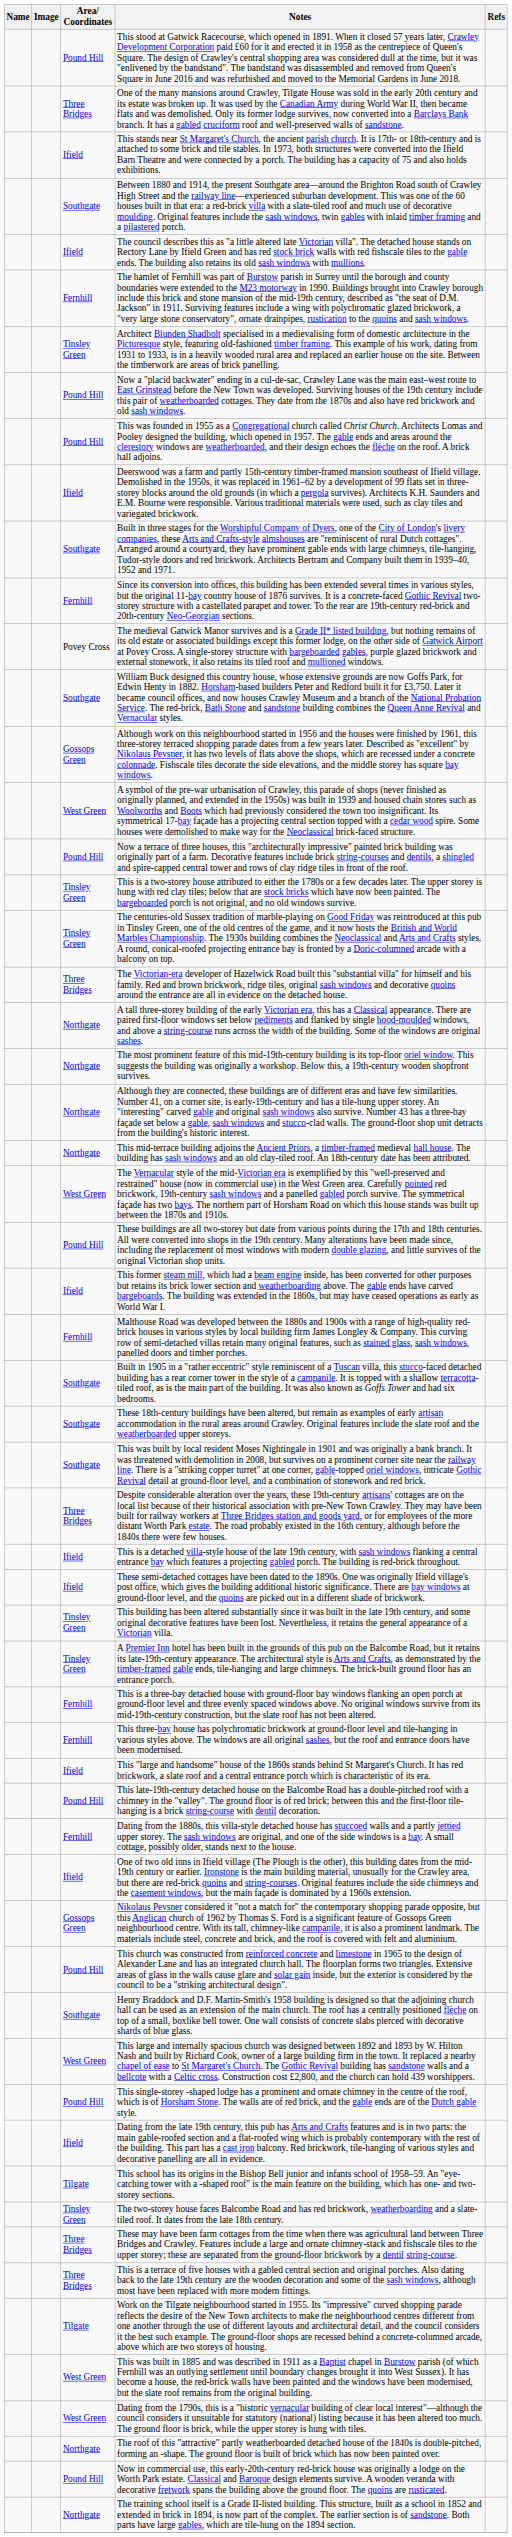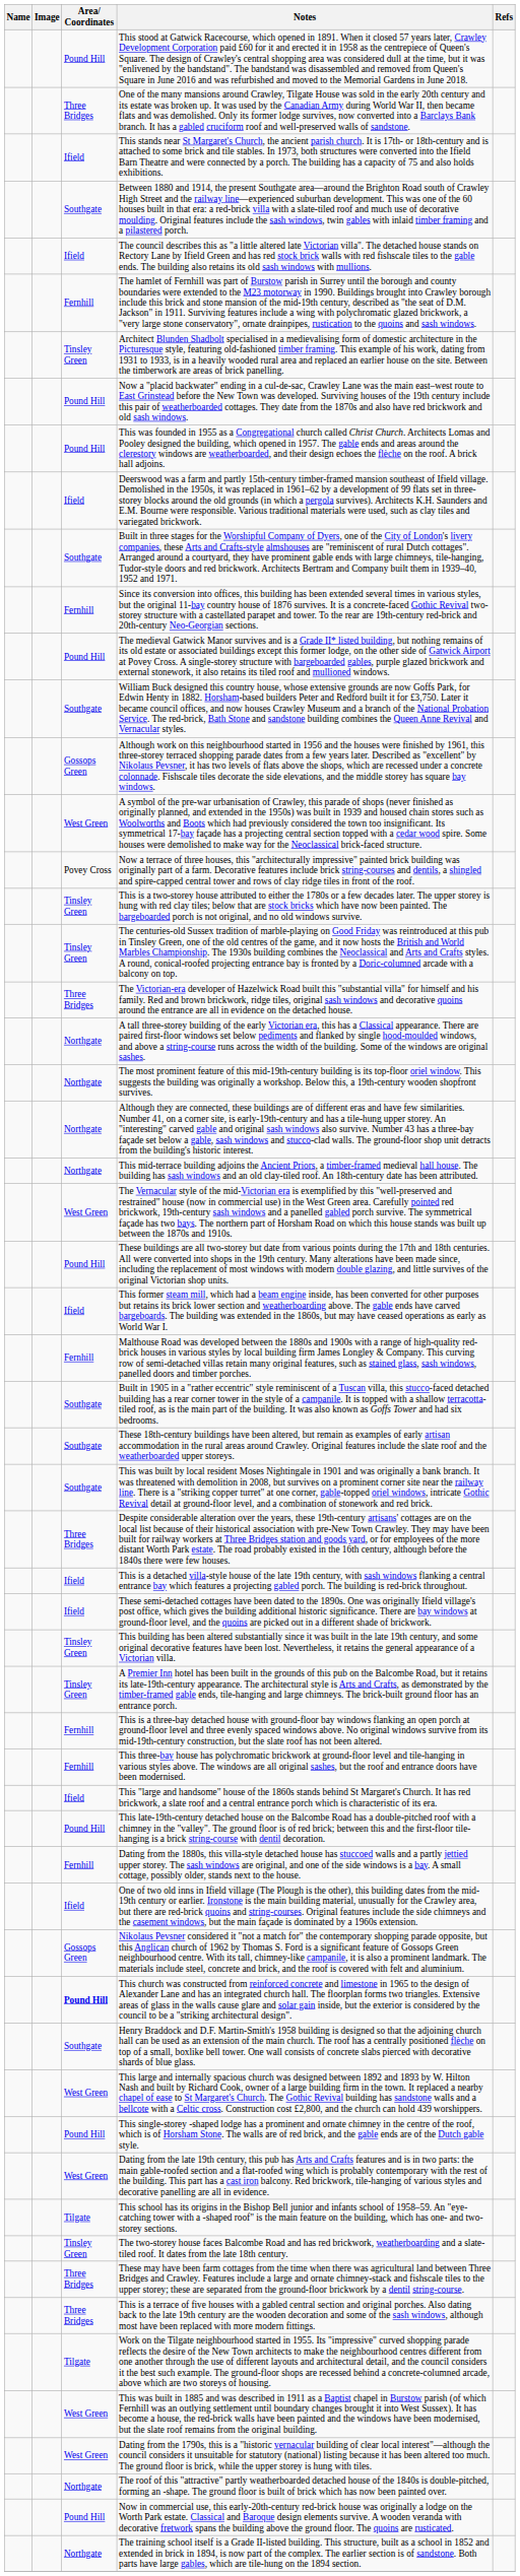 <table class="wikitable sortable">
 <tr>
 <th align="center">Name</th>
 <th align="center" class="unsortable">Image</th>
 <th align="center">Area/<br>Coordinates</th>
 <th align="center" class="unsortable">Notes</th>
 <th align="center" class="unsortable">Refs</th>
 </tr>
 <tr>
 <td></td>
 <td></td>
 <td><a href='#'>Pound Hill</a><br></td>
 <td>This stood at Gatwick Racecourse, which opened in 1891.  When it closed 57 years later, <a href='#'>Crawley Development Corporation</a> paid £60 for it and erected it in 1958 as the centrepiece of Queen's Square.  The design of Crawley's central shopping area was considered dull at the time, but it was "enlivened by the bandstand". The bandstand was disassembled and removed from Queen's Square in June 2016 and was refurbished and moved to the Memorial Gardens in June 2018.</td>
 <td><br><br></td>
 </tr>
 <tr>
 <td></td>
 <td></td>
 <td><a href='#'>Three Bridges</a><br></td>
 <td>One of the many mansions around Crawley, Tilgate House was sold in the early 20th century and its estate was broken up.  It was used by the <a href='#'>Canadian Army</a> during World War II, then became flats and was demolished.  Only its former lodge survives, now converted into a <a href='#'>Barclays Bank</a> branch.  It has a <a href='#'>gabled</a> <a href='#'>cruciform</a> roof and well-preserved walls of <a href='#'>sandstone</a>.</td>
 <td><br></td>
 </tr>
 <tr>
 <td></td>
 <td></td>
 <td><a href='#'>Ifield</a><br></td>
 <td>This stands near <a href='#'>St Margaret's Church</a>, the ancient <a href='#'>parish church</a>.  It is 17th- or 18th-century and is attached to some brick and tile stables.  In 1973, both structures were converted into the Ifield Barn Theatre and were connected by a porch.  The building has a capacity of 75 and also holds exhibitions.</td>
 <td></td>
 </tr>
 <tr>
 <td></td>
 <td></td>
 <td><a href='#'>Southgate</a><br></td>
 <td>Between 1880 and 1914, the present Southgate area—around the Brighton Road south of Crawley High Street and the <a href='#'>railway line</a>—experienced suburban development.  This was one of the 60 houses built in that era: a red-brick <a href='#'>villa</a> with a slate-tiled roof and much use of decorative <a href='#'>moulding</a>.  Original features include the <a href='#'>sash windows</a>, twin <a href='#'>gables</a> with inlaid <a href='#'>timber framing</a> and a <a href='#'>pilastered</a> porch.</td>
 <td></td>
 </tr>
 <tr>
 <td></td>
 <td></td>
 <td><a href='#'>Ifield</a><br></td>
 <td>The council describes this as "a little altered late <a href='#'>Victorian</a> villa".  The detached house stands on Rectory Lane by Ifield Green and has red <a href='#'>stock brick</a> walls with red fishscale tiles to the <a href='#'>gable</a> ends.  The building also retains its old <a href='#'>sash windows</a> with <a href='#'>mullions</a>.</td>
 <td></td>
 </tr>
 <tr>
 <td></td>
 <td></td>
 <td><a href='#'>Fernhill</a><br></td>
 <td>The hamlet of Fernhill was part of <a href='#'>Burstow</a> parish in Surrey until the borough and county boundaries were extended to the <a href='#'>M23 motorway</a> in 1990.  Buildings brought into Crawley borough include this brick and stone mansion of the mid-19th century, described as "the seat of D.M. Jackson" in 1911.  Surviving features include a wing with polychromatic glazed brickwork, a "very large stone conservatory", ornate drainpipes, <a href='#'>rustication</a> to the <a href='#'>quoins</a> and <a href='#'>sash windows</a>.</td>
 <td><br></td>
 </tr>
 <tr>
 <td></td>
 <td></td>
 <td><a href='#'>Tinsley Green</a><br></td>
 <td>Architect <a href='#'>Blunden Shadbolt</a> specialised in a medievalising form of domestic architecture in the <a href='#'>Picturesque</a> style, featuring old-fashioned <a href='#'>timber framing</a>.  This example of his work, dating from 1931 to 1933, is in a heavily wooded rural area and replaced an earlier house on the site.  Between the timberwork are areas of brick panelling.</td>
 <td></td>
 </tr>
 <tr>
 <td></td>
 <td></td>
 <td><a href='#'>Pound Hill</a><br></td>
 <td>Now a "placid backwater" ending in a cul-de-sac, Crawley Lane was the main east–west route to <a href='#'>East Grinstead</a> before the New Town was developed.  Surviving houses of the 19th century include this pair of <a href='#'>weatherboarded</a> cottages.  They date from the 1870s and also have red brickwork and old <a href='#'>sash windows</a>.</td>
 <td></td>
 </tr>
 <tr>
 <td></td>
 <td></td>
 <td><a href='#'>Pound Hill</a><br></td>
 <td>This was founded in 1955 as a <a href='#'>Congregational</a> church called <em>Christ Church</em>.  Architects Lomas and Pooley designed the building, which opened in 1957.  The <a href='#'>gable</a> ends and areas around the <a href='#'>clerestory</a> windows are <a href='#'>weatherboarded</a>, and their design echoes the <a href='#'>flèche</a> on the roof.  A brick hall adjoins.</td>
 <td></td>
 </tr>
 <tr>
 <td></td>
 <td></td>
 <td><a href='#'>Ifield</a><br></td>
 <td>Deerswood was a farm and partly 15th-century timber-framed mansion southeast of Ifield village.  Demolished in the 1950s, it was replaced in 1961–62 by a development of 99 flats set in three-storey blocks around the old grounds (in which a <a href='#'>pergola</a> survives).  Architects K.H. Saunders and E.M. Bourne were responsible.  Various traditional materials were used, such as clay tiles and variegated brickwork.</td>
 <td><br><br></td>
 </tr>
 <tr>
 <td></td>
 <td></td>
 <td><a href='#'>Southgate</a><br></td>
 <td>Built in three stages for the <a href='#'>Worshipful Company of Dyers</a>, one of the <a href='#'>City of London</a>'s <a href='#'>livery companies</a>, these <a href='#'>Arts and Crafts-style</a> <a href='#'>almshouses</a> are "reminiscent of rural Dutch cottages".  Arranged around a courtyard, they have prominent gable ends with large chimneys, tile-hanging, Tudor-style doors and red brickwork.  Architects Bertram and Company built them in 1939–40, 1952 and 1971.</td>
 <td></td>
 </tr>
 <tr>
 <td></td>
 <td></td>
 <td><a href='#'>Fernhill</a><br></td>
 <td>Since its conversion into offices, this building has been extended several times in various styles, but the original 11-<a href='#'>bay</a> country house of 1876 survives.  It is a concrete-faced <a href='#'>Gothic Revival</a> two-storey structure with a castellated parapet and tower.  To the rear are 19th-century red-brick and 20th-century <a href='#'>Neo-Georgian</a> sections.</td>
 <td></td>
 </tr>
 <tr>
 <td></td>
 <td></td>
-<td>Povey Cross<br></td>
+<td><a href='#'>Pound Hill</a><br></td>
 <td>The medieval Gatwick Manor survives and is a <a href='#'>Grade II* listed building</a>, but nothing remains of its old estate or associated buildings except this former lodge, on the other side of <a href='#'>Gatwick Airport</a> at Povey Cross.  A single-storey structure with <a href='#'>bargeboarded</a> <a href='#'>gables</a>, purple glazed brickwork and external stonework, it also retains its tiled roof and <a href='#'>mullioned</a> windows.</td>
 <td><br></td>
 </tr>
 <tr>
 <td></td>
 <td></td>
 <td><a href='#'>Southgate</a><br></td>
 <td>William Buck designed this country house, whose extensive grounds are now Goffs Park, for Edwin Henty in 1882.  <a href='#'>Horsham</a>-based builders Peter and Redford built it for £3,750.  Later it became council offices, and now houses Crawley Museum and a branch of the <a href='#'>National Probation Service</a>.  The red-brick, <a href='#'>Bath Stone</a> and <a href='#'>sandstone</a> building combines the <a href='#'>Queen Anne Revival</a> and <a href='#'>Vernacular</a> styles.</td>
 <td><br></td>
 </tr>
 <tr>
 <td></td>
 <td></td>
 <td><a href='#'>Gossops Green</a><br></td>
 <td>Although work on this neighbourhood started in 1956 and the houses were finished by 1961, this three-storey terraced shopping parade dates from a few years later.  Described as "excellent" by <a href='#'>Nikolaus Pevsner</a>, it has two levels of flats above the shops, which are recessed under a concrete <a href='#'>colonnade</a>.  Fishscale tiles decorate the side elevations, and the middle storey has square <a href='#'>bay windows</a>.</td>
 <td><br></td>
 </tr>
 <tr>
 <td></td>
 <td></td>
 <td><a href='#'>West Green</a><br></td>
 <td>A symbol of the pre-war urbanisation of Crawley, this parade of shops (never finished as originally planned, and extended in the 1950s) was built in 1939 and housed chain stores such as <a href='#'>Woolworths</a> and <a href='#'>Boots</a> which had previously considered the town too insignificant.  Its symmetrical 17-<a href='#'>bay</a> façade has a projecting central section topped with a <a href='#'>cedar wood</a> spire.  Some houses were demolished to make way for the <a href='#'>Neoclassical</a> brick-faced structure.</td>
 <td><br></td>
 </tr>
 <tr>
 <td></td>
 <td></td>
-<td><a href='#'>Pound Hill</a><br></td>
+<td>Povey Cross<br></td>
 <td>Now a terrace of three houses, this "architecturally impressive" painted brick building was originally part of a farm.  Decorative features include brick <a href='#'>string-courses</a> and <a href='#'>dentils</a>, a <a href='#'>shingled</a> and spire-capped central tower and rows of clay ridge tiles in front of the roof.</td>
 <td></td>
 </tr>
 <tr>
 <td></td>
 <td></td>
 <td><a href='#'>Tinsley Green</a><br></td>
 <td>This is a two-storey house attributed to either the 1780s or a few decades later.  The upper storey is hung with red clay tiles; below that are <a href='#'>stock bricks</a> which have now been painted.  The <a href='#'>bargeboarded</a> porch is not original, and no old windows survive.</td>
 <td></td>
 </tr>
 <tr>
 <td></td>
 <td></td>
 <td><a href='#'>Tinsley Green</a><br></td>
 <td>The centuries-old Sussex tradition of marble-playing on <a href='#'>Good Friday</a> was reintroduced at this pub in Tinsley Green, one of the old centres of the game, and it now hosts the <a href='#'>British and World Marbles Championship</a>.  The 1930s building combines the <a href='#'>Neoclassical</a> and <a href='#'>Arts and Crafts</a> styles.  A round, conical-roofed projecting entrance bay is fronted by a <a href='#'>Doric-columned</a> arcade with a balcony on top.</td>
 <td><br></td>
 </tr>
 <tr>
 <td></td>
 <td></td>
 <td><a href='#'>Three Bridges</a><br></td>
 <td>The <a href='#'>Victorian-era</a> developer of Hazelwick Road built this "substantial villa" for himself and his family.  Red and brown brickwork, ridge tiles, original <a href='#'>sash windows</a> and decorative <a href='#'>quoins</a> around the entrance are all in evidence on the detached house.</td>
 <td></td>
 </tr>
 <tr>
 <td></td>
 <td></td>
 <td><a href='#'>Northgate</a><br></td>
 <td>A tall three-storey building of the early <a href='#'>Victorian era</a>, this has a <a href='#'>Classical</a> appearance.  There are paired first-floor windows set below <a href='#'>pediments</a> and flanked by single <a href='#'>hood-moulded</a> windows, and above a <a href='#'>string-course</a> runs across the width of the building.  Some of the windows are original <a href='#'>sashes</a>.</td>
 <td></td>
 </tr>
 <tr>
 <td></td>
 <td></td>
 <td><a href='#'>Northgate</a><br></td>
 <td>The most prominent feature of this mid-19th-century building is its top-floor <a href='#'>oriel window</a>.  This suggests the building was originally a workshop.  Below this, a 19th-century wooden shopfront survives.</td>
 <td></td>
 </tr>
 <tr>
 <td></td>
 <td></td>
 <td><a href='#'>Northgate</a><br></td>
 <td>Although they are connected, these buildings are of different eras and have few similarities.  Number 41, on a corner site, is early-19th-century and has a tile-hung upper storey.  An "interesting" carved <a href='#'>gable</a> and original <a href='#'>sash windows</a> also survive.  Number 43 has a three-bay façade set below a <a href='#'>gable</a>, <a href='#'>sash windows</a> and <a href='#'>stucco</a>-clad walls.  The ground-floor shop unit detracts from the building's historic interest.</td>
 <td></td>
 </tr>
 <tr>
 <td></td>
 <td></td>
 <td><a href='#'>Northgate</a><br></td>
 <td>This mid-terrace building adjoins the <a href='#'>Ancient Priors</a>, a <a href='#'>timber-framed</a> medieval <a href='#'>hall house</a>.  The building has <a href='#'>sash windows</a> and an old clay-tiled roof.  An 18th-century date has been attributed.</td>
 <td></td>
 </tr>
 <tr>
 <td></td>
 <td></td>
 <td><a href='#'>West Green</a><br></td>
 <td>The <a href='#'>Vernacular</a> style of the mid-<a href='#'>Victorian era</a> is exemplified by this "well-preserved and restrained" house (now in commercial use) in the West Green area.  Carefully <a href='#'>pointed</a> red brickwork, 19th-century <a href='#'>sash windows</a> and a panelled <a href='#'>gabled</a> porch survive.  The symmetrical façade has two <a href='#'>bays</a>.  The northern part of Horsham Road on which this house stands was built up between the 1870s and 1910s.</td>
 <td></td>
 </tr>
 <tr>
 <td></td>
 <td></td>
 <td><a href='#'>Pound Hill</a><br></td>
 <td>These buildings are all two-storey but date from various points during the 17th and 18th centuries.  All were converted into shops in the 19th century.  Many alterations have been made since, including the replacement of most windows with modern <a href='#'>double glazing</a>, and little survives of the original Victorian shop units.</td>
 <td></td>
 </tr>
 <tr>
 <td></td>
 <td></td>
 <td><a href='#'>Ifield</a><br></td>
 <td>This former <a href='#'>steam mill</a>, which had a <a href='#'>beam engine</a> inside, has been converted for other purposes but retains its brick lower section and <a href='#'>weatherboarding</a> above.  The <a href='#'>gable</a> ends have carved <a href='#'>bargeboards</a>.  The building was extended in the 1860s, but may have ceased operations as early as World War I.</td>
 <td></td>
 </tr>
 <tr>
 <td></td>
 <td></td>
 <td><a href='#'>Fernhill</a><br></td>
 <td>Malthouse Road was developed between the 1880s and 1900s with a range of high-quality red-brick houses in various styles by local building firm James Longley & Company.  This curving row of semi-detached villas retain many original features, such as <a href='#'>stained glass</a>, <a href='#'>sash windows</a>, panelled doors and timber porches.</td>
 <td><br></td>
 </tr>
 <tr>
 <td></td>
 <td></td>
 <td><a href='#'>Southgate</a><br></td>
 <td>Built in 1905 in a "rather eccentric" style reminiscent of a <a href='#'>Tuscan</a> villa, this <a href='#'>stucco</a>-faced detached building has a rear corner tower in the style of a <a href='#'>campanile</a>.  It is topped with a shallow <a href='#'>terracotta</a>-tiled roof, as is the main part of the building.  It was also known as <em>Goffs Tower</em> and had six bedrooms.</td>
 <td></td>
 </tr>
 <tr>
 <td></td>
 <td></td>
 <td><a href='#'>Southgate</a><br></td>
 <td>These 18th-century buildings have been altered, but remain as examples of early <a href='#'>artisan</a> accommodation in the rural areas around Crawley.  Original features include the slate roof and the <a href='#'>weatherboarded</a> upper storeys.</td>
 <td></td>
 </tr>
 <tr>
 <td></td>
 <td></td>
 <td><a href='#'>Southgate</a><br></td>
 <td>This was built by local resident Moses Nightingale in 1901 and was originally a bank branch.  It was threatened with demolition in 2008, but survives on a prominent corner site near the <a href='#'>railway line</a>.  There is a "striking copper turret" at one corner, <a href='#'>gable</a>-topped <a href='#'>oriel windows</a>, intricate <a href='#'>Gothic Revival</a> detail at ground-floor level, and a combination of stonework and red brick.</td>
 <td></td>
 </tr>
 <tr>
 <td></td>
 <td></td>
 <td><a href='#'>Three Bridges</a><br></td>
 <td>Despite considerable alteration over the years, these 19th-century <a href='#'>artisans</a>' cottages are on the local list because of their historical association with pre-New Town Crawley.  They may have been built for railway workers at <a href='#'>Three Bridges station and goods yard</a>, or for employees of the more distant Worth Park <a href='#'>estate</a>.  The road probably existed in the 16th century, although before the 1840s there were few houses.</td>
 <td></td>
 </tr>
 <tr>
 <td></td>
 <td></td>
 <td><a href='#'>Ifield</a><br></td>
 <td>This is a detached <a href='#'>villa</a>-style house of the late 19th century, with <a href='#'>sash windows</a> flanking a central entrance <a href='#'>bay</a> which features a projecting <a href='#'>gabled</a> porch.  The building is red-brick throughout.</td>
 <td></td>
 </tr>
 <tr>
 <td></td>
 <td></td>
 <td><a href='#'>Ifield</a><br></td>
 <td>These semi-detached cottages have been dated to the 1890s.  One was originally Ifield village's post office, which gives the building additional historic significance.  There are <a href='#'>bay windows</a> at ground-floor level, and the <a href='#'>quoins</a> are picked out in a different shade of brickwork.</td>
 <td></td>
 </tr>
 <tr>
 <td></td>
 <td></td>
 <td><a href='#'>Tinsley Green</a><br></td>
 <td>This building has been altered substantially since it was built in the late 19th century, and some original decorative features have been lost.  Nevertheless, it retains the general appearance of a <a href='#'>Victorian</a> villa.</td>
 <td></td>
 </tr>
 <tr>
 <td></td>
 <td></td>
 <td><a href='#'>Tinsley Green</a><br></td>
 <td>A <a href='#'>Premier Inn</a> hotel has been built in the grounds of this pub on the Balcombe Road, but it retains its late-19th-century appearance.  The architectural style is <a href='#'>Arts and Crafts</a>, as demonstrated by the <a href='#'>timber-framed</a> <a href='#'>gable</a> ends, tile-hanging and large chimneys.  The brick-built ground floor has an entrance porch.</td>
 <td></td>
 </tr>
 <tr>
 <td></td>
 <td></td>
 <td><a href='#'>Fernhill</a><br></td>
 <td>This is a three-bay detached house with ground-floor bay windows flanking an open porch at ground-floor level and three evenly spaced windows above.  No original windows survive from its mid-19th-century construction, but the slate roof has not been altered.</td>
 <td></td>
 </tr>
 <tr>
 <td></td>
 <td></td>
 <td><a href='#'>Fernhill</a><br></td>
 <td>This three-<a href='#'>bay</a> house has polychromatic brickwork at ground-floor level and tile-hanging in various styles above.  The windows are all original <a href='#'>sashes</a>, but the roof and entrance doors have been modernised.</td>
 <td></td>
 </tr>
 <tr>
 <td></td>
 <td></td>
 <td><a href='#'>Ifield</a><br></td>
 <td>This "large and handsome" house of the 1860s stands behind St Margaret's Church.  It has red brickwork, a slate roof and a central entrance porch which is characteristic of its era.</td>
 <td></td>
 </tr>
 <tr>
 <td></td>
 <td></td>
 <td><a href='#'>Pound Hill</a><br></td>
 <td>This late-19th-century detached house on the Balcombe Road has a double-pitched roof with a chimney in the "valley".  The ground floor is of red brick; between this and the first-floor tile-hanging is a brick <a href='#'>string-course</a> with <a href='#'>dentil</a> decoration.</td>
 <td></td>
 </tr>
 <tr>
 <td></td>
 <td></td>
 <td><a href='#'>Fernhill</a><br></td>
 <td>Dating from the 1880s, this villa-style detached house has <a href='#'>stuccoed</a> walls and a partly <a href='#'>jettied</a> upper storey.  The <a href='#'>sash windows</a> are original, and one of the side windows is a <a href='#'>bay</a>.  A small cottage, possibly older, stands next to the house.</td>
 <td></td>
 </tr>
 <tr>
 <td></td>
 <td></td>
 <td><a href='#'>Ifield</a><br></td>
 <td>One of two old inns in Ifield village (The Plough is the other), this building dates from the mid-19th century or earlier.  <a href='#'>Ironstone</a> is the main building material, unusually for the Crawley area, but there are red-brick <a href='#'>quoins</a> and <a href='#'>string-courses</a>.  Original features include the side chimneys and the <a href='#'>casement windows</a>, but the main façade is dominated by a 1960s extension.</td>
 <td></td>
 </tr>
 <tr>
 <td></td>
 <td></td>
 <td><a href='#'>Gossops Green</a><br></td>
 <td><a href='#'>Nikolaus Pevsner</a> considered it "not a match for" the contemporary shopping parade opposite, but this <a href='#'>Anglican</a> church of 1962 by Thomas S. Ford is a significant feature of Gossops Green neighbourhood centre.  With its tall, chimney-like <a href='#'>campanile</a>, it is also a prominent landmark.  The materials include steel, concrete and brick, and the roof is covered with felt and aluminium.</td>
 <td></td>
 </tr>
 <tr>
 <td></td>
 <td></td>
-<td><a href='#'>Pound Hill</a><br></td>
+<td><strong><a href='#'>Pound Hill</a><br></strong></td>
 <td>This church was constructed from <a href='#'>reinforced concrete</a> and <a href='#'>limestone</a> in 1965 to the design of Alexander Lane and has an integrated church hall.  The floorplan forms two triangles.  Extensive areas of glass in the walls cause glare and <a href='#'>solar gain</a> inside, but the exterior is considered by the council to be a "striking architectural design".</td>
 <td></td>
 </tr>
 <tr>
 <td></td>
 <td></td>
 <td><a href='#'>Southgate</a><br></td>
 <td>Henry Braddock and D.F. Martin-Smith's 1958 building is designed so that the adjoining church hall can be used as an extension of the main church.  The roof has a centrally positioned <a href='#'>flèche</a> on top of a small, boxlike bell tower.  One wall consists of concrete slabs pierced with decorative shards of blue glass.</td>
 <td><br></td>
 </tr>
 <tr>
 <td></td>
 <td></td>
 <td><a href='#'>West Green</a><br></td>
 <td>This large and internally spacious church was designed between 1892 and 1893 by W. Hilton Nash and built by Richard Cook, owner of a large building firm in the town.  It replaced a nearby <a href='#'>chapel of ease</a> to <a href='#'>St Margaret's Church</a>.  The <a href='#'>Gothic Revival</a> building has <a href='#'>sandstone</a> walls and a <a href='#'>bellcote</a> with a <a href='#'>Celtic cross</a>.  Construction cost £2,800, and the church can hold 439 worshippers.</td>
 <td><br></td>
 </tr>
 <tr>
 <td></td>
 <td></td>
 <td><a href='#'>Pound Hill</a><br></td>
 <td>This single-storey -shaped lodge has a prominent and ornate chimney in the centre of the roof, which is of <a href='#'>Horsham Stone</a>.  The walls are of red brick, and the <a href='#'>gable</a> ends are of the <a href='#'>Dutch gable</a> style.</td>
 <td></td>
 </tr>
 <tr>
 <td></td>
 <td></td>
-<td><a href='#'>Ifield</a><br></td>
+<td><a href='#'>West Green</a><br></td>
 <td>Dating from the late 19th century, this pub has <a href='#'>Arts and Crafts</a> features and is in two parts: the main gable-roofed section and a flat-roofed wing which is probably contemporary with the rest of the building.  This part has a <a href='#'>cast iron</a> balcony.  Red brickwork, tile-hanging of various styles and decorative panelling are all in evidence.</td>
 <td></td>
 </tr>
 <tr>
 <td></td>
 <td></td>
 <td><a href='#'>Tilgate</a><br></td>
 <td>This school has its origins in the Bishop Bell junior and infants school of 1958–59.  An "eye-catching tower with a -shaped roof" is the main feature on the building, which has one- and two-storey sections.</td>
 <td></td>
 </tr>
 <tr>
 <td></td>
 <td></td>
 <td><a href='#'>Tinsley Green</a><br></td>
 <td>The two-storey house faces Balcombe Road and has red brickwork, <a href='#'>weatherboarding</a> and a slate-tiled roof.  It dates from the late 18th century.</td>
 <td></td>
 </tr>
 <tr>
 <td></td>
 <td></td>
 <td><a href='#'>Three Bridges</a><br></td>
 <td>These may have been farm cottages from the time when there was agricultural land between Three Bridges and Crawley.  Features include a large and ornate chimney-stack and fishscale tiles to the upper storey; these are separated from the ground-floor brickwork by a <a href='#'>dentil</a> <a href='#'>string-course</a>.</td>
 <td></td>
 </tr>
 <tr>
 <td></td>
 <td></td>
 <td><a href='#'>Three Bridges</a><br></td>
 <td>This is a terrace of five houses with a gabled central section and original porches.  Also dating back to the late 19th century are the wooden decoration and some of the <a href='#'>sash windows</a>, although most have been replaced with more modern fittings.</td>
 <td></td>
 </tr>
 <tr>
 <td></td>
 <td></td>
 <td><a href='#'>Tilgate</a><br></td>
 <td>Work on the Tilgate neighbourhood started in 1955.  Its "impressive" curved shopping parade reflects the desire of the New Town architects to make the neighbourhood centres different from one another through the use of different layouts and architectural detail, and the council considers it the best such example.  The ground-floor shops are recessed behind a concrete-columned arcade, above which are two storeys of housing.</td>
 <td><br></td>
 </tr>
 <tr>
 <td></td>
 <td></td>
 <td><a href='#'>West Green</a><br></td>
 <td>This was built in 1885 and was described in 1911 as a <a href='#'>Baptist</a> chapel in <a href='#'>Burstow</a> parish (of which Fernhill was an outlying settlement until boundary changes brought it into West Sussex).  It has become a house, the red-brick walls have been painted and the windows have been modernised, but the slate roof remains from the original building.</td>
 <td><br></td>
 </tr>
 <tr>
 <td></td>
 <td></td>
 <td><a href='#'>West Green</a><br></td>
 <td>Dating from the 1790s, this is a "historic <a href='#'>vernacular</a> building of clear local interest"—although the council considers it unsuitable for statutory (national) listing because it has been altered too much.  The ground floor is brick, while the upper storey is hung with tiles.</td>
 <td></td>
 </tr>
 <tr>
 <td></td>
 <td></td>
 <td><a href='#'>Northgate</a><br></td>
 <td>The roof of this "attractive" partly weatherboarded detached house of the 1840s is double-pitched, forming an -shape.  The ground floor is built of brick which has now been painted over.</td>
 <td></td>
 </tr>
 <tr>
 <td></td>
 <td></td>
 <td><a href='#'>Pound Hill</a><br></td>
 <td>Now in commercial use, this early-20th-century red-brick house was originally a lodge on the Worth Park estate.  <a href='#'>Classical</a> and <a href='#'>Baroque</a> design elements survive.  A wooden veranda with decorative <a href='#'>fretwork</a> spans the building above the ground floor.  The <a href='#'>quoins</a> are <a href='#'>rusticated</a>.</td>
 <td></td>
 </tr>
 <tr>
 <td></td>
 <td></td>
 <td><a href='#'>Northgate</a><br></td>
 <td>The training school itself is a Grade II-listed building.  This structure, built as a school in 1852 and extended in brick in 1894, is now part of the complex.  The earlier section is of <a href='#'>sandstone</a>.  Both parts have large <a href='#'>gables</a>, which are tile-hung on the 1894 section.</td>
 <td></td>
 </tr>
 <tr>
 </tr>
 </table>
